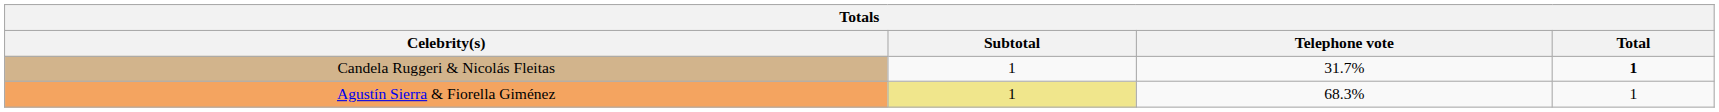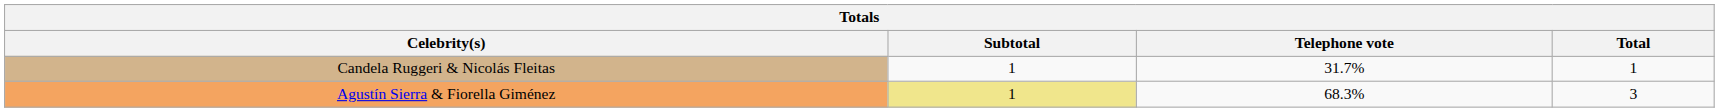 <table class="wikitable collapsible collapsed" style="font-size:90%; text-align: center; width: 100%">
 <tr>
 <th colspan="11" style="with: 95%" align=center>Totals</th>
 </tr>
 <tr>
 <th>Celebrity(s)</th>
 <th>Subtotal</th>
 <th>Telephone vote</th>
 <th>Total</th>
 </tr>
 <tr>
 <td bgcolor="tan">Candela Ruggeri & Nicolás Fleitas</td>
 <td>1</td>
 <td>31.7%</td>
-<td><strong>1</strong></td>
+<td>1</td>
 </tr>
 <tr>
 <td bgcolor="sandybrown"><a href='#'>Agustín Sierra</a> & Fiorella Giménez</td>
 <td style="background: khaki;">1</td>
 <td>68.3%</td>
-<td>1</td>
+<td>3</td>
 </tr>
 </table>
